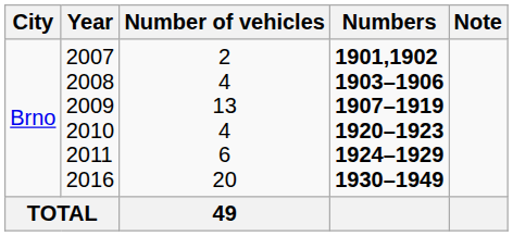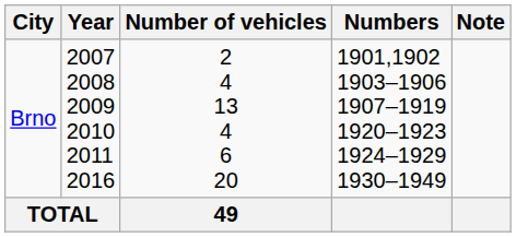 <table class="wikitable">
 <tr>
 <th>City</th>
 <th>Year</th>
 <th>Number of vehicles</th>
 <th>Numbers</th>
 <th>Note</th>
 </tr>
 <tr>
 <td><a href='#'>Brno</a> </td>
 <td>2007<br>2008<br>2009<br>2010<br>2011<br>2016</td>
 <td ALIGN="center">2<br>4<br>13<br>4<br>6<br>20</td>
-<td><strong>1901,1902<br>1903–1906<br>1907–1919<br>1920–1923<br>1924–1929<br>1930–1949</strong></td>
+<td>1901,1902<br>1903–1906<br>1907–1919<br>1920–1923<br>1924–1929<br>1930–1949</td>
 <td></td>
 </tr>
 <tr ALIGN="center">
 <th colspan="2">TOTAL</th>
 <th>49</th>
 <th></th>
 <th></th>
 </tr>
 </table>
